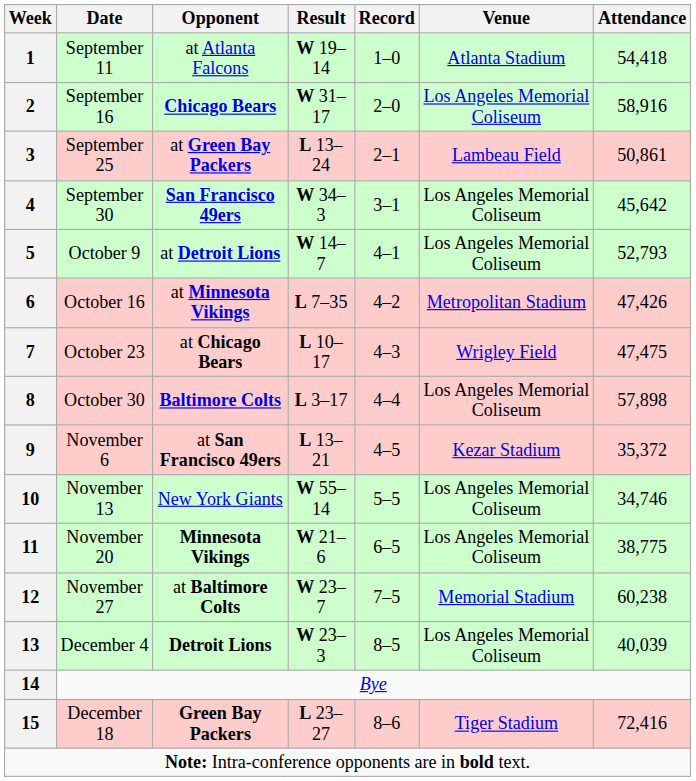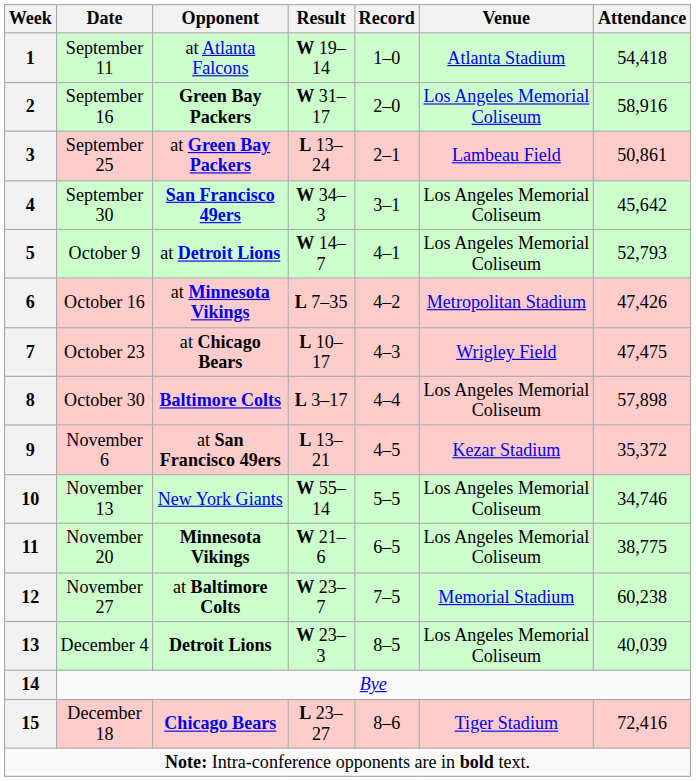 <table class="wikitable" style="text-align:center">
 <tr>
 <th>Week</th>
 <th>Date</th>
 <th>Opponent</th>
 <th>Result</th>
 <th>Record</th>
 <th>Venue</th>
 <th>Attendance</th>
 </tr>
 <tr style="background:#cfc">
 <th>1</th>
 <td>September 11</td>
 <td>at <a href='#'>Atlanta Falcons</a></td>
 <td><strong>W</strong> 19–14</td>
 <td>1–0</td>
 <td><a href='#'>Atlanta Stadium</a></td>
 <td>54,418</td>
 </tr>
 <tr style="background:#cfc">
 <th>2</th>
 <td>September 16</td>
-<td><strong><a href='#'>Chicago Bears</a></strong></td>
+<td><strong>Green Bay Packers</strong></td>
 <td><strong>W</strong> 31–17</td>
 <td>2–0</td>
 <td><a href='#'>Los Angeles Memorial Coliseum</a></td>
 <td>58,916</td>
 </tr>
 <tr style="background:#fcc">
 <th>3</th>
 <td>September 25</td>
 <td>at <strong><a href='#'>Green Bay Packers</a></strong></td>
 <td><strong>L</strong> 13–24</td>
 <td>2–1</td>
 <td><a href='#'>Lambeau Field</a></td>
 <td>50,861</td>
 </tr>
 <tr style="background:#cfc">
 <th>4</th>
 <td>September 30</td>
 <td><strong><a href='#'>San Francisco 49ers</a></strong></td>
 <td><strong>W</strong> 34–3</td>
 <td>3–1</td>
 <td>Los Angeles Memorial Coliseum</td>
 <td>45,642</td>
 </tr>
 <tr style="background:#cfc">
 <th>5</th>
 <td>October 9</td>
 <td>at <strong><a href='#'>Detroit Lions</a></strong></td>
 <td><strong>W</strong> 14–7</td>
 <td>4–1</td>
 <td>Los Angeles Memorial Coliseum</td>
 <td>52,793</td>
 </tr>
 <tr style="background:#fcc">
 <th>6</th>
 <td>October 16</td>
 <td>at <strong><a href='#'>Minnesota Vikings</a></strong></td>
 <td><strong>L</strong> 7–35</td>
 <td>4–2</td>
 <td><a href='#'>Metropolitan Stadium</a></td>
 <td>47,426</td>
 </tr>
 <tr style="background:#fcc">
 <th>7</th>
 <td>October 23</td>
 <td>at <strong>Chicago Bears</strong></td>
 <td><strong>L</strong> 10–17</td>
 <td>4–3</td>
 <td><a href='#'>Wrigley Field</a></td>
 <td>47,475</td>
 </tr>
 <tr style="background:#fcc">
 <th>8</th>
 <td>October 30</td>
 <td><strong><a href='#'>Baltimore Colts</a></strong></td>
 <td><strong>L</strong> 3–17</td>
 <td>4–4</td>
 <td>Los Angeles Memorial Coliseum</td>
 <td>57,898</td>
 </tr>
 <tr style="background:#fcc">
 <th>9</th>
 <td>November 6</td>
 <td>at <strong>San Francisco 49ers</strong></td>
 <td><strong>L</strong> 13–21</td>
 <td>4–5</td>
 <td><a href='#'>Kezar Stadium</a></td>
 <td>35,372</td>
 </tr>
 <tr style="background:#cfc">
 <th>10</th>
 <td>November 13</td>
 <td><a href='#'>New York Giants</a></td>
 <td><strong>W</strong> 55–14</td>
 <td>5–5</td>
 <td>Los Angeles Memorial Coliseum</td>
 <td>34,746</td>
 </tr>
 <tr style="background:#cfc">
 <th>11</th>
 <td>November 20</td>
 <td><strong>Minnesota Vikings</strong></td>
 <td><strong>W</strong> 21–6</td>
 <td>6–5</td>
 <td>Los Angeles Memorial Coliseum</td>
 <td>38,775</td>
 </tr>
 <tr style="background:#cfc">
 <th>12</th>
 <td>November 27</td>
 <td>at <strong>Baltimore Colts</strong></td>
 <td><strong>W</strong> 23–7</td>
 <td>7–5</td>
 <td><a href='#'>Memorial Stadium</a></td>
 <td>60,238</td>
 </tr>
 <tr style="background:#cfc">
 <th>13</th>
 <td>December 4</td>
 <td><strong>Detroit Lions</strong></td>
 <td><strong>W</strong> 23–3</td>
 <td>8–5</td>
 <td>Los Angeles Memorial Coliseum</td>
 <td>40,039</td>
 </tr>
 <tr>
 <th>14</th>
 <td colspan="6"><em><a href='#'>Bye</a></em></td>
 </tr>
 <tr style="background:#fcc">
 <th>15</th>
 <td>December 18</td>
-<td><strong>Green Bay Packers</strong></td>
+<td><strong><a href='#'>Chicago Bears</a></strong></td>
 <td><strong>L</strong> 23–27</td>
 <td>8–6</td>
 <td><a href='#'>Tiger Stadium</a></td>
 <td>72,416</td>
 </tr>
 <tr>
 <td colspan="8"><strong>Note:</strong> Intra-conference opponents are in <strong>bold</strong> text.</td>
 </tr>
 </table>
